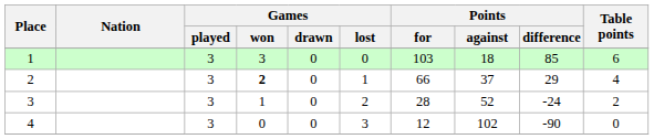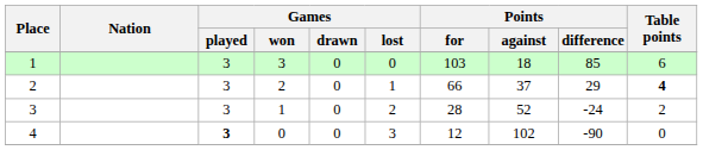 <table class="wikitable">
 <tr>
 <th rowspan=2 width="8%">Place</th>
 <th rowspan=2 width="20%">Nation</th>
 <th colspan=4 width="32%">Games</th>
 <th colspan=3 width="30%">Points</th>
 <th rowspan=2 width="10%">Table<br>points</th>
 </tr>
 <tr>
 <th width="8%">played</th>
 <th width="8%">won</th>
 <th width="8%">drawn</th>
 <th width="8%">lost</th>
 <th width="10%">for</th>
 <th width="10%">against</th>
 <th width="10%">difference</th>
 </tr>
 <tr>
 </tr>
 <tr bgcolor=#ccffcc align=center>
 <td>1</td>
 <td align=left><strong></strong></td>
 <td>3</td>
 <td>3</td>
 <td>0</td>
 <td>0</td>
 <td>103</td>
 <td>18</td>
 <td>85</td>
 <td>6</td>
 </tr>
 <tr bgcolor=#ffffff align=center>
 <td>2</td>
 <td align=left></td>
 <td>3</td>
-<td><strong>2</strong></td>
+<td>2</td>
 <td>0</td>
 <td>1</td>
 <td>66</td>
 <td>37</td>
 <td>29</td>
-<td>4</td>
+<td><strong>4</strong></td>
 </tr>
 <tr bgcolor=#ffffff align=center>
 <td>3</td>
 <td align=left></td>
 <td>3</td>
 <td>1</td>
 <td>0</td>
 <td>2</td>
 <td>28</td>
 <td>52</td>
 <td>-24</td>
 <td>2</td>
 </tr>
 <tr bgcolor=#ffffff align=center>
 <td>4</td>
 <td align=left></td>
-<td>3</td>
+<td><strong>3</strong></td>
 <td>0</td>
 <td>0</td>
 <td>3</td>
 <td>12</td>
 <td>102</td>
 <td>-90</td>
 <td>0</td>
 </tr>
 <tr bgcolor=#ffcccc align=center>
 </tr>
 </table>
